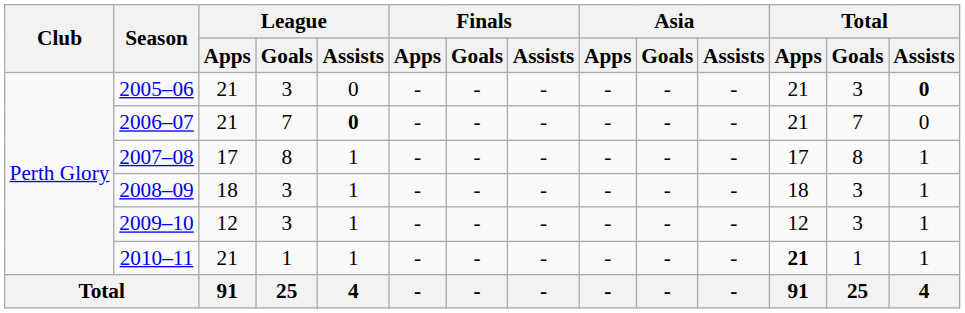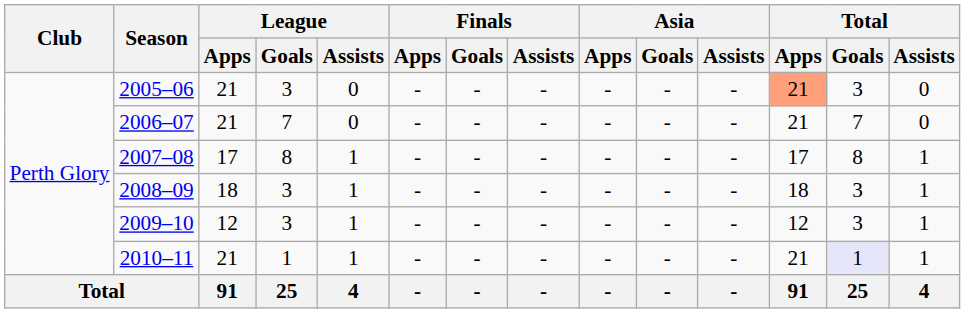 <table class="wikitable" style="text-align: center;">
 <tr>
 <th rowspan="2">Club</th>
 <th rowspan="2">Season</th>
 <th colspan="3">League</th>
 <th colspan="3">Finals</th>
 <th colspan="3">Asia</th>
 <th colspan="3">Total</th>
 </tr>
 <tr>
 <th>Apps</th>
 <th>Goals</th>
 <th>Assists</th>
 <th>Apps</th>
 <th>Goals</th>
 <th>Assists</th>
 <th>Apps</th>
 <th>Goals</th>
 <th>Assists</th>
 <th>Apps</th>
 <th>Goals</th>
 <th>Assists</th>
 </tr>
 <tr>
 <td rowspan="6" valign="center"><a href='#'>Perth Glory</a></td>
 <td><a href='#'>2005–06</a></td>
 <td>21</td>
 <td>3</td>
 <td>0</td>
 <td>-</td>
 <td>-</td>
 <td>-</td>
 <td>-</td>
 <td>-</td>
 <td>-</td>
-<td>21</td>
+<td style="background: lightsalmon;">21</td>
 <td>3</td>
-<td><strong>0</strong></td>
+<td>0</td>
 </tr>
 <tr>
 <td><a href='#'>2006–07</a></td>
 <td>21</td>
 <td>7</td>
-<td><strong>0</strong></td>
+<td>0</td>
 <td>-</td>
 <td>-</td>
 <td>-</td>
 <td>-</td>
 <td>-</td>
 <td>-</td>
 <td>21</td>
 <td>7</td>
 <td>0</td>
 </tr>
 <tr>
 <td><a href='#'>2007–08</a></td>
 <td>17</td>
 <td>8</td>
 <td>1</td>
 <td>-</td>
 <td>-</td>
 <td>-</td>
 <td>-</td>
 <td>-</td>
 <td>-</td>
 <td>17</td>
 <td>8</td>
 <td>1</td>
 </tr>
 <tr>
 <td><a href='#'>2008–09</a></td>
 <td>18</td>
 <td>3</td>
 <td>1</td>
 <td>-</td>
 <td>-</td>
 <td>-</td>
 <td>-</td>
 <td>-</td>
 <td>-</td>
 <td>18</td>
 <td>3</td>
 <td>1</td>
 </tr>
 <tr>
 <td><a href='#'>2009–10</a></td>
 <td>12</td>
 <td>3</td>
 <td>1</td>
 <td>-</td>
 <td>-</td>
 <td>-</td>
 <td>-</td>
 <td>-</td>
 <td>-</td>
 <td>12</td>
 <td>3</td>
 <td>1</td>
 </tr>
 <tr>
 <td><a href='#'>2010–11</a></td>
 <td>21</td>
 <td>1</td>
 <td>1</td>
 <td>-</td>
 <td>-</td>
 <td>-</td>
 <td>-</td>
 <td>-</td>
 <td>-</td>
-<td><strong>21</strong></td>
-<td>1</td>
+<td>21</td>
+<td style="background: lavender;">1</td>
 <td>1</td>
 </tr>
 <tr>
 <th colspan="2">Total</th>
 <th>91</th>
 <th>25</th>
 <th>4</th>
 <th>-</th>
 <th>-</th>
 <th>-</th>
 <th>-</th>
 <th>-</th>
 <th>-</th>
 <th>91</th>
 <th>25</th>
 <th>4</th>
 </tr>
 </table>
